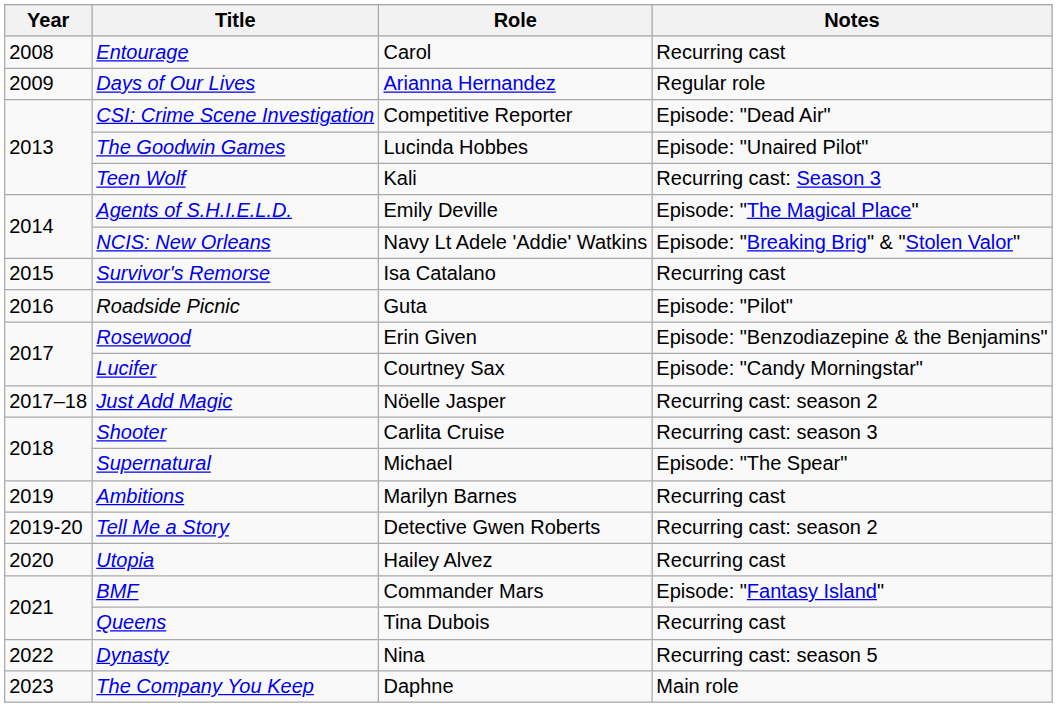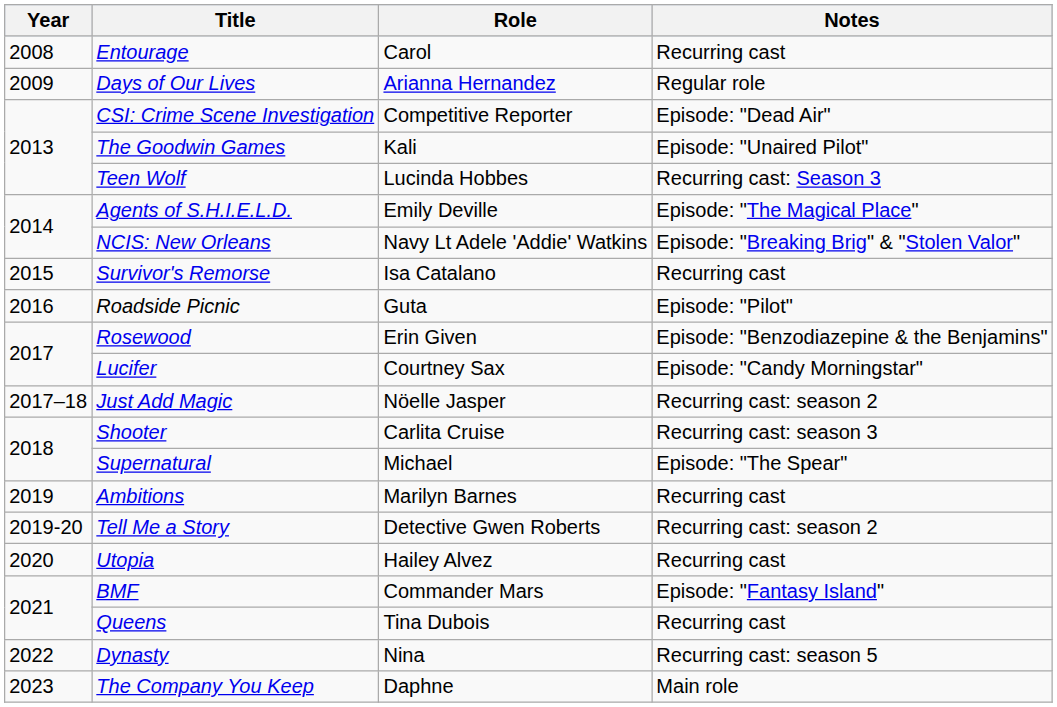 <table class="wikitable">
 <tr style="background:#b0c4de; text-align:center;">
 <th>Year</th>
 <th>Title</th>
 <th>Role</th>
 <th>Notes</th>
 </tr>
 <tr>
 <td>2008</td>
 <td><em><a href='#'>Entourage</a></em></td>
 <td>Carol</td>
 <td>Recurring cast</td>
 </tr>
 <tr>
 <td>2009</td>
 <td><em><a href='#'>Days of Our Lives</a></em></td>
 <td><a href='#'>Arianna Hernandez</a></td>
 <td>Regular role</td>
 </tr>
 <tr>
 <td rowspan="3">2013</td>
 <td><em><a href='#'>CSI: Crime Scene Investigation</a></em></td>
 <td>Competitive Reporter</td>
 <td>Episode: "Dead Air"</td>
 </tr>
 <tr>
 <td><em><a href='#'>The Goodwin Games</a></em></td>
-<td>Lucinda Hobbes</td>
+<td>Kali</td>
 <td>Episode: "Unaired Pilot"</td>
 </tr>
 <tr>
 <td><em><a href='#'>Teen Wolf</a></em></td>
-<td>Kali</td>
+<td>Lucinda Hobbes</td>
 <td>Recurring cast: <a href='#'>Season 3</a></td>
 </tr>
 <tr>
 <td rowspan="2">2014</td>
 <td><em><a href='#'>Agents of S.H.I.E.L.D.</a></em></td>
 <td>Emily Deville</td>
 <td>Episode: "<a href='#'>The Magical Place</a>"</td>
 </tr>
 <tr>
 <td><em><a href='#'>NCIS: New Orleans</a></em></td>
 <td>Navy Lt Adele 'Addie' Watkins</td>
 <td>Episode: "<a href='#'>Breaking Brig</a>" & "<a href='#'>Stolen Valor</a>"</td>
 </tr>
 <tr>
 <td>2015</td>
 <td><em><a href='#'>Survivor's Remorse</a></em></td>
 <td>Isa Catalano</td>
 <td>Recurring cast</td>
 </tr>
 <tr>
 <td>2016</td>
 <td><em>Roadside Picnic</em></td>
 <td>Guta</td>
 <td>Episode: "Pilot"</td>
 </tr>
 <tr>
 <td rowspan="2">2017</td>
 <td><em><a href='#'>Rosewood</a></em></td>
 <td>Erin Given</td>
 <td>Episode: "Benzodiazepine & the Benjamins"</td>
 </tr>
 <tr>
 <td><em><a href='#'>Lucifer</a></em></td>
 <td>Courtney Sax</td>
 <td>Episode: "Candy Morningstar"</td>
 </tr>
 <tr>
 <td>2017–18</td>
 <td><em><a href='#'>Just Add Magic</a></em></td>
 <td>Nöelle Jasper</td>
 <td>Recurring cast: season 2</td>
 </tr>
 <tr>
 <td rowspan="2">2018</td>
 <td><em><a href='#'>Shooter</a></em></td>
 <td>Carlita Cruise</td>
 <td>Recurring cast: season 3</td>
 </tr>
 <tr>
 <td><em><a href='#'>Supernatural</a></em></td>
 <td>Michael</td>
 <td>Episode: "The Spear"</td>
 </tr>
 <tr>
 <td>2019</td>
 <td><em><a href='#'>Ambitions</a></em></td>
 <td>Marilyn Barnes</td>
 <td>Recurring cast</td>
 </tr>
 <tr>
 <td>2019-20</td>
 <td><em><a href='#'>Tell Me a Story</a></em></td>
 <td>Detective Gwen Roberts</td>
 <td>Recurring cast: season 2</td>
 </tr>
 <tr>
 <td>2020</td>
 <td><em><a href='#'>Utopia</a></em></td>
 <td>Hailey Alvez</td>
 <td>Recurring cast</td>
 </tr>
 <tr>
 <td rowspan="2">2021</td>
 <td><em><a href='#'>BMF</a></em></td>
 <td>Commander Mars</td>
 <td>Episode: "<a href='#'>Fantasy Island</a>"</td>
 </tr>
 <tr>
 <td><em><a href='#'>Queens</a></em></td>
 <td>Tina Dubois</td>
 <td>Recurring cast</td>
 </tr>
 <tr>
 <td>2022</td>
 <td><em><a href='#'>Dynasty</a></em></td>
 <td>Nina</td>
 <td>Recurring cast: season 5</td>
 </tr>
 <tr>
 <td>2023</td>
 <td><em><a href='#'>The Company You Keep</a></em></td>
 <td>Daphne</td>
 <td>Main role</td>
 </tr>
 </table>
